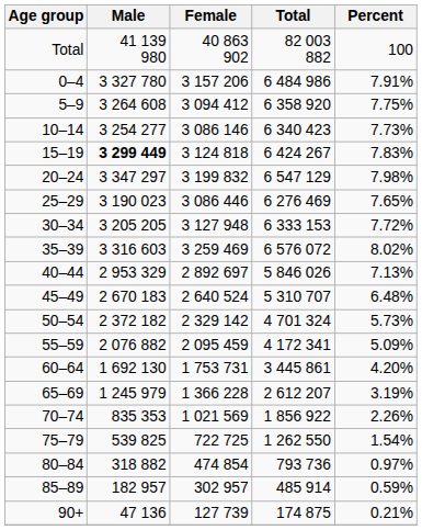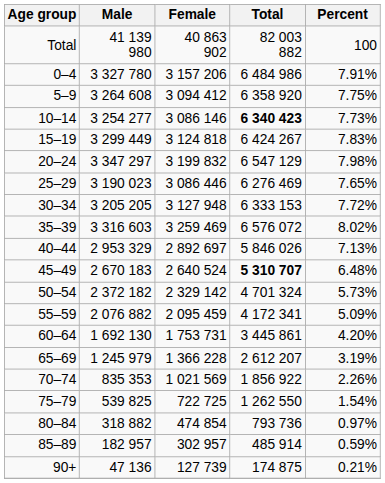 <table class="wikitable">
 <tr>
 <th width="80pt">Age group</th>
 <th width="80pt">Male</th>
 <th width="80pt">Female</th>
 <th width="80pt">Total</th>
 <th width="80pt">Percent</th>
 </tr>
 <tr>
 <td align="right">Total</td>
 <td align="right">41 139 980</td>
 <td align="right">40 863 902</td>
 <td align="right">82 003 882</td>
 <td align="right">100</td>
 </tr>
 <tr>
 <td align="right">0–4</td>
 <td align="right">3 327 780</td>
 <td align="right">3 157 206</td>
 <td align="right">6 484 986</td>
 <td align="right">7.91%</td>
 </tr>
 <tr>
 <td align="right">5–9</td>
 <td align="right">3 264 608</td>
 <td align="right">3 094 412</td>
 <td align="right">6 358 920</td>
 <td align="right">7.75%</td>
 </tr>
 <tr>
 <td align="right">10–14</td>
 <td align="right">3 254 277</td>
 <td align="right">3 086 146</td>
-<td align="right">6 340 423</td>
+<td align="right"><strong>6 340 423</strong></td>
 <td align="right">7.73%</td>
 </tr>
 <tr>
 <td align="right">15–19</td>
-<td align="right"><strong>3 299 449</strong></td>
+<td align="right">3 299 449</td>
 <td align="right">3 124 818</td>
 <td align="right">6 424 267</td>
 <td align="right">7.83%</td>
 </tr>
 <tr>
 <td align="right">20–24</td>
 <td align="right">3 347 297</td>
 <td align="right">3 199 832</td>
 <td align="right">6 547 129</td>
 <td align="right">7.98%</td>
 </tr>
 <tr>
 <td align="right">25–29</td>
 <td align="right">3 190 023</td>
 <td align="right">3 086 446</td>
 <td align="right">6 276 469</td>
 <td align="right">7.65%</td>
 </tr>
 <tr>
 <td align="right">30–34</td>
 <td align="right">3 205 205</td>
 <td align="right">3 127 948</td>
 <td align="right">6 333 153</td>
 <td align="right">7.72%</td>
 </tr>
 <tr>
 <td align="right">35–39</td>
 <td align="right">3 316 603</td>
 <td align="right">3 259 469</td>
 <td align="right">6 576 072</td>
 <td align="right">8.02%</td>
 </tr>
 <tr>
 <td align="right">40–44</td>
 <td align="right">2 953 329</td>
 <td align="right">2 892 697</td>
 <td align="right">5 846 026</td>
 <td align="right">7.13%</td>
 </tr>
 <tr>
 <td align="right">45–49</td>
 <td align="right">2 670 183</td>
 <td align="right">2 640 524</td>
-<td align="right">5 310 707</td>
+<td align="right"><strong>5 310 707</strong></td>
 <td align="right">6.48%</td>
 </tr>
 <tr>
 <td align="right">50–54</td>
 <td align="right">2 372 182</td>
 <td align="right">2 329 142</td>
 <td align="right">4 701 324</td>
 <td align="right">5.73%</td>
 </tr>
 <tr>
 <td align="right">55–59</td>
 <td align="right">2 076 882</td>
 <td align="right">2 095 459</td>
 <td align="right">4 172 341</td>
 <td align="right">5.09%</td>
 </tr>
 <tr>
 <td align="right">60–64</td>
 <td align="right">1 692 130</td>
 <td align="right">1 753 731</td>
 <td align="right">3 445 861</td>
 <td align="right">4.20%</td>
 </tr>
 <tr>
 <td align="right">65–69</td>
 <td align="right">1 245 979</td>
 <td align="right">1 366 228</td>
 <td align="right">2 612 207</td>
 <td align="right">3.19%</td>
 </tr>
 <tr>
 <td align="right">70–74</td>
 <td align="right">835 353</td>
 <td align="right">1 021 569</td>
 <td align="right">1 856 922</td>
 <td align="right">2.26%</td>
 </tr>
 <tr>
 <td align="right">75–79</td>
 <td align="right">539 825</td>
 <td align="right">722 725</td>
 <td align="right">1 262 550</td>
 <td align="right">1.54%</td>
 </tr>
 <tr>
 <td align="right">80–84</td>
 <td align="right">318 882</td>
 <td align="right">474 854</td>
 <td align="right">793 736</td>
 <td align="right">0.97%</td>
 </tr>
 <tr>
 <td align="right">85–89</td>
 <td align="right">182 957</td>
 <td align="right">302 957</td>
 <td align="right">485 914</td>
 <td align="right">0.59%</td>
 </tr>
 <tr>
 <td align="right">90+</td>
 <td align="right">47 136</td>
 <td align="right">127 739</td>
 <td align="right">174 875</td>
 <td align="right">0.21%</td>
 </tr>
 <tr>
 </tr>
 </table>
